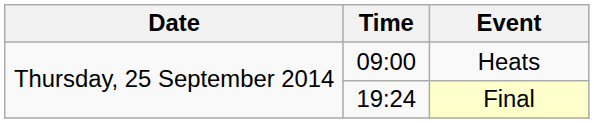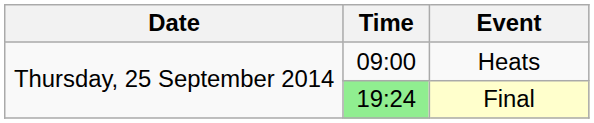 <table class = "wikitable" style="text-align:center;">
 <tr>
 <th width=220>Date</th>
 <th width=50>Time</th>
 <th width=100>Event</th>
 </tr>
 <tr>
 <td rowspan=2>Thursday, 25 September 2014</td>
 <td>09:00</td>
 <td>Heats</td>
 </tr>
 <tr>
-<td>19:24</td>
+<td style="background: lightgreen;">19:24</td>
 <td bgcolor=ffffcc>Final</td>
 </tr>
 </table>
